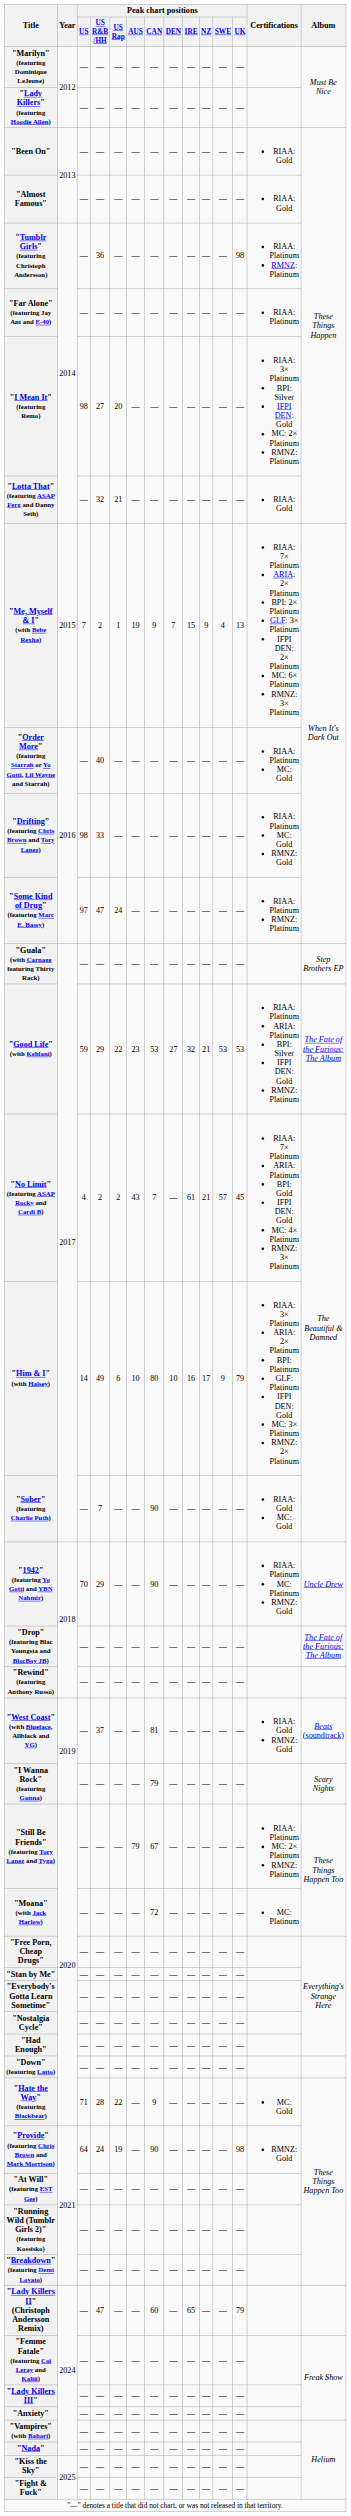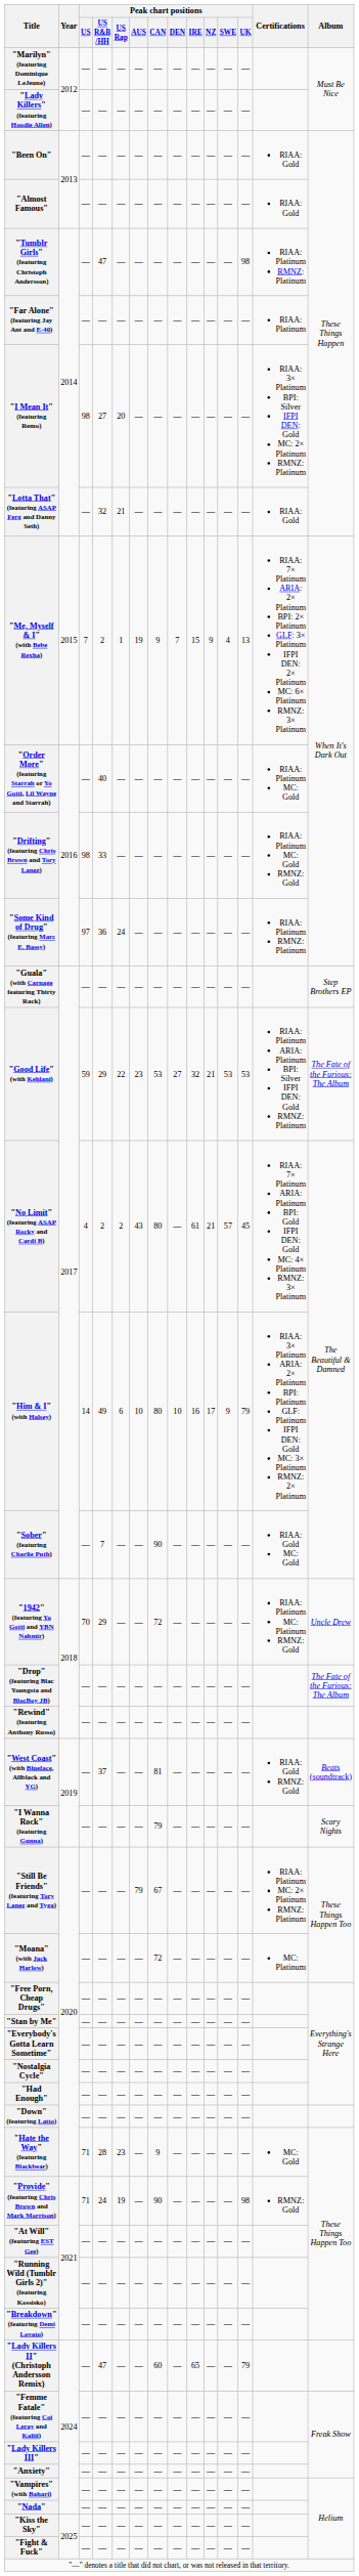 <table class="wikitable plainrowheaders" style="text-align:center;">
 <tr>
 <th scope="col" rowspan="2" style="width:16em;">Title</th>
 <th scope="col" rowspan="2" style="width:1em;">Year</th>
 <th scope="col" colspan="10">Peak chart positions</th>
 <th scope="col" rowspan="2" style="width:13em;">Certifications</th>
 <th scope="col" rowspan="2" style="width:10em;">Album</th>
 </tr>
 <tr>
 <th scope="col" style="width:3em;font-size:90%;"><a href='#'>US</a><br></th>
 <th scope="col" style="width:3em;font-size:90%;"><a href='#'>US<br>R&B<br>/HH</a><br></th>
 <th scope="col" style="width:3em;font-size:90%;"><a href='#'>US<br>Rap</a><br></th>
 <th scope="col" style="width:3em;font-size:90%;"><a href='#'>AUS</a><br></th>
 <th scope="col" style="width:3em;font-size:90%;"><a href='#'>CAN</a><br></th>
 <th scope="col" style="width:3em;font-size:90%;"><a href='#'>DEN</a><br></th>
 <th score="col" style="width:3em;font-size:90%;"><a href='#'>IRE</a><br></th>
 <th scope="col" style="width:3em;font-size:90%;"><a href='#'>NZ</a><br></th>
 <th scope="col" style="width:3em;font-size:90%;"><a href='#'>SWE</a><br></th>
 <th scope="col" style="width:3em;font-size:90%;"><a href='#'>UK</a><br></th>
 </tr>
 <tr>
 <th scope="row">"Marilyn"<br><small>(featuring Dominique LeJeune)</small></th>
 <td rowspan="2">2012</td>
 <td>—</td>
 <td>—</td>
 <td>—</td>
 <td>—</td>
 <td>—</td>
 <td>—</td>
 <td>—</td>
 <td>—</td>
 <td>—</td>
 <td>—</td>
 <td></td>
 <td rowspan="2"><em>Must Be Nice</em></td>
 </tr>
 <tr>
 <th scope="row">"<a href='#'>Lady Killers</a>"<br><small>(featuring <a href='#'>Hoodie Allen</a>)</small></th>
 <td>—</td>
 <td>—</td>
 <td>—</td>
 <td>—</td>
 <td>—</td>
 <td>—</td>
 <td>—</td>
 <td>—</td>
 <td>—</td>
 <td>—</td>
 <td></td>
 </tr>
 <tr>
 <th scope="row">"Been On"</th>
 <td rowspan="2">2013</td>
 <td>—</td>
 <td>—</td>
 <td>—</td>
 <td>—</td>
 <td>—</td>
 <td>—</td>
 <td>—</td>
 <td>—</td>
 <td>—</td>
 <td>—</td>
 <td><br><ul><li>RIAA: Gold</li></ul></td>
 <td rowspan="6"><em>These Things Happen</em></td>
 </tr>
 <tr>
 <th scope="row">"Almost Famous"</th>
 <td>—</td>
 <td>—</td>
 <td>—</td>
 <td>—</td>
 <td>—</td>
 <td>—</td>
 <td>—</td>
 <td>—</td>
 <td>—</td>
 <td>—</td>
 <td><br><ul><li>RIAA: Gold</li></ul></td>
 </tr>
 <tr>
 <th scope="row">"<a href='#'>Tumblr Girls</a>"<br><small>(featuring Christoph Andersson)</small></th>
 <td rowspan="4">2014</td>
 <td>—</td>
-<td>36</td>
+<td>47</td>
 <td>—</td>
 <td>—</td>
 <td>—</td>
 <td>—</td>
 <td>—</td>
 <td>—</td>
 <td>—</td>
 <td>98</td>
 <td><br><ul><li>RIAA: Platinum</li><li><a href='#'>RMNZ</a>: Platinum</li></ul></td>
 </tr>
 <tr>
 <th scope="row">"Far Alone"<br><small>(featuring Jay Ant and <a href='#'>E-40</a>)</small></th>
 <td>—</td>
 <td>—</td>
 <td>—</td>
 <td>—</td>
 <td>—</td>
 <td>—</td>
 <td>—</td>
 <td>—</td>
 <td>—</td>
 <td>—</td>
 <td><br><ul><li>RIAA: Platinum</li></ul></td>
 </tr>
 <tr>
 <th scope="row">"<a href='#'>I Mean It</a>"<br><small>(featuring Remo)</small></th>
 <td>98</td>
 <td>27</td>
 <td>20</td>
 <td>—</td>
 <td>—</td>
 <td>—</td>
 <td>—</td>
 <td>—</td>
 <td>—</td>
 <td>—</td>
 <td><br><ul><li>RIAA: 3× Platinum</li><li>BPI: Silver</li><li><a href='#'>IFPI DEN</a>: Gold</li><li>MC: 2× Platinum</li><li>RMNZ: Platinum</li></ul></td>
 </tr>
 <tr>
 <th scope="row">"<a href='#'>Lotta That</a>"<br><small>(featuring <a href='#'>ASAP Ferg</a> and Danny Seth)</small></th>
 <td>—</td>
 <td>32</td>
 <td>21</td>
 <td>—</td>
 <td>—</td>
 <td>—</td>
 <td>—</td>
 <td>—</td>
 <td>—</td>
 <td>—</td>
 <td><br><ul><li>RIAA: Gold</li></ul></td>
 </tr>
 <tr>
 <th scope="row">"<a href='#'>Me, Myself & I</a>"<br><small>(with <a href='#'>Bebe Rexha</a>)</small></th>
 <td>2015</td>
 <td>7</td>
 <td>2</td>
 <td>1</td>
 <td>19</td>
 <td>9</td>
 <td>7</td>
 <td>15</td>
 <td>9</td>
 <td>4</td>
 <td>13</td>
 <td><br><ul><li>RIAA: 7× Platinum</li><li><a href='#'>ARIA</a>: 2× Platinum</li><li>BPI: 2× Platinum</li><li><a href='#'>GLF</a>: 3× Platinum</li><li>IFPI DEN: 2× Platinum</li><li>MC: 6× Platinum</li><li>RMNZ: 3× Platinum</li></ul></td>
 <td rowspan="4"><em>When It's Dark Out</em></td>
 </tr>
 <tr>
 <th scope="row">"<a href='#'>Order More</a>"<br><small>(featuring <a href='#'>Starrah</a> or <a href='#'>Yo Gotti</a>, <a href='#'>Lil Wayne</a> and Starrah)</small></th>
 <td rowspan="3">2016</td>
 <td>—</td>
 <td>40</td>
 <td>—</td>
 <td>—</td>
 <td>—</td>
 <td>—</td>
 <td>—</td>
 <td>—</td>
 <td>—</td>
 <td>—</td>
 <td><br><ul><li>RIAA: Platinum</li><li>MC: Gold</li></ul></td>
 </tr>
 <tr>
 <th scope="row">"<a href='#'>Drifting</a>"<br><small>(featuring <a href='#'>Chris Brown</a> and <a href='#'>Tory Lanez</a>)</small></th>
 <td>98</td>
 <td>33</td>
 <td>—</td>
 <td>—</td>
 <td>—</td>
 <td>—</td>
 <td>—</td>
 <td>—</td>
 <td>—</td>
 <td>—</td>
 <td><br><ul><li>RIAA: Platinum</li><li>MC: Gold</li><li>RMNZ: Gold</li></ul></td>
 </tr>
 <tr>
 <th scope="row">"<a href='#'>Some Kind of Drug</a>"<br><small>(featuring <a href='#'>Marc E. Bassy</a>)</small></th>
 <td>97</td>
-<td>47</td>
+<td>36</td>
 <td>24</td>
 <td>—</td>
 <td>—</td>
 <td>—</td>
 <td>—</td>
 <td>—</td>
 <td>—</td>
 <td>—</td>
 <td><br><ul><li>RIAA: Platinum</li><li>RMNZ: Platinum</li></ul></td>
 </tr>
 <tr>
 <th scope="row">"Guala"<br><small>(with <a href='#'>Carnage</a> featuring Thirty Rack)</small></th>
 <td rowspan="5">2017</td>
 <td>—</td>
 <td>—</td>
 <td>—</td>
 <td>—</td>
 <td>—</td>
 <td>—</td>
 <td>—</td>
 <td>—</td>
 <td>—</td>
 <td>—</td>
 <td></td>
 <td><em>Step Brothers EP</em></td>
 </tr>
 <tr>
 <th scope="row">"<a href='#'>Good Life</a>"<br><small>(with <a href='#'>Kehlani</a>)</small></th>
 <td>59</td>
 <td>29</td>
 <td>22</td>
 <td>23</td>
 <td>53</td>
 <td>27</td>
 <td>32</td>
 <td>21</td>
 <td>53</td>
 <td>53</td>
 <td><br><ul><li>RIAA: Platinum</li><li>ARIA: Platinum</li><li>BPI: Silver</li><li>IFPI DEN: Gold</li><li>RMNZ: Platinum</li></ul></td>
 <td><em><a href='#'>The Fate of the Furious: The Album</a></em></td>
 </tr>
 <tr>
 <th scope="row">"<a href='#'>No Limit</a>"<br><small>(featuring <a href='#'>ASAP Rocky</a> and <a href='#'>Cardi B</a>)</small></th>
 <td>4</td>
 <td>2</td>
 <td>2</td>
 <td>43</td>
-<td>7</td>
+<td>80</td>
 <td>—</td>
 <td>61</td>
 <td>21</td>
 <td>57</td>
 <td>45</td>
 <td><br><ul><li>RIAA: 7× Platinum</li><li>ARIA: Platinum</li><li>BPI: Gold</li><li>IFPI DEN: Gold</li><li>MC: 4× Platinum</li><li>RMNZ: 3× Platinum</li></ul></td>
 <td rowspan="3"><em>The Beautiful & Damned</em></td>
 </tr>
 <tr>
 <th scope="row">"<a href='#'>Him & I</a>"<br><small>(with <a href='#'>Halsey</a>)</small></th>
 <td>14</td>
 <td>49</td>
 <td>6</td>
 <td>10</td>
 <td>80</td>
 <td>10</td>
 <td>16</td>
 <td>17</td>
 <td>9</td>
 <td>79</td>
 <td><br><ul><li>RIAA: 3× Platinum</li><li>ARIA: 2× Platinum</li><li>BPI: Platinum</li><li>GLF: Platinum</li><li>IFPI DEN: Gold</li><li>MC: 3× Platinum</li><li>RMNZ: 2× Platinum</li></ul></td>
 </tr>
 <tr>
 <th scope="row">"<a href='#'>Sober</a>"<br><small>(featuring <a href='#'>Charlie Puth</a>)</small></th>
 <td>—</td>
 <td>7</td>
 <td>—</td>
 <td>—</td>
 <td>90</td>
 <td>—</td>
 <td>—</td>
 <td>—</td>
 <td>—</td>
 <td>—</td>
 <td><br><ul><li>RIAA: Gold</li><li>MC: Gold</li></ul></td>
 </tr>
 <tr>
 <th scope="row">"<a href='#'>1942</a>"<br><small>(featuring <a href='#'>Yo Gotti</a> and <a href='#'>YBN Nahmir</a>)</small></th>
 <td rowspan="3">2018</td>
 <td>70</td>
 <td>29</td>
 <td>—</td>
 <td>—</td>
-<td>90</td>
+<td>72</td>
 <td>—</td>
 <td>—</td>
 <td>—</td>
 <td>—</td>
 <td>—</td>
 <td><br><ul><li>RIAA: Platinum</li><li>MC: Platinum</li><li>RMNZ: Gold</li></ul></td>
 <td><em><a href='#'>Uncle Drew</a></em></td>
 </tr>
 <tr>
 <th scope="row">"Drop" <br><small>(featuring Blac Youngsta and <a href='#'>BlocBoy JB</a>)</small></th>
 <td>—</td>
 <td>—</td>
 <td>—</td>
 <td>—</td>
 <td>—</td>
 <td>—</td>
 <td>—</td>
 <td>—</td>
 <td>—</td>
 <td>—</td>
 <td></td>
 <td><em><a href='#'>The Fate of the Furious: The Album</a></em></td>
 </tr>
 <tr>
 <th scope="row">"Rewind" <br><small>(featuring Anthony Russo)</small></th>
 <td>—</td>
 <td>—</td>
 <td>—</td>
 <td>—</td>
 <td>—</td>
 <td>—</td>
 <td>—</td>
 <td>—</td>
 <td>—</td>
 <td>—</td>
 <td></td>
 </tr>
 <tr>
 <th scope="row">"<a href='#'>West Coast</a>"<br><small>(with <a href='#'>Blueface</a>, Allblack and <a href='#'>YG</a>)</small></th>
 <td rowspan="2">2019</td>
 <td>—</td>
 <td>37</td>
 <td>—</td>
 <td>—</td>
 <td>81</td>
 <td>—</td>
 <td>—</td>
 <td>—</td>
 <td>—</td>
 <td>—</td>
 <td><br><ul><li>RIAA: Gold</li><li>RMNZ: Gold</li></ul></td>
 <td><a href='#'><em>Beats</em> (soundtrack)</a></td>
 </tr>
 <tr>
 <th scope="row">"I Wanna Rock"<br><small>(featuring <a href='#'>Gunna</a>)</small></th>
 <td>—</td>
 <td>—</td>
 <td>—</td>
 <td>—</td>
 <td>79</td>
 <td>—</td>
 <td>—</td>
 <td>—</td>
 <td>—</td>
 <td>—</td>
 <td></td>
 <td><em>Scary Nights</em></td>
 </tr>
 <tr>
 <th scope="row">"Still Be Friends"<br><small>(featuring <a href='#'>Tory Lanez</a> and <a href='#'>Tyga</a>)</small></th>
 <td rowspan="9">2020</td>
 <td>—</td>
 <td>—</td>
 <td>—</td>
 <td>79</td>
 <td>67</td>
 <td>—</td>
 <td>—</td>
 <td>—</td>
 <td>—</td>
 <td>—</td>
 <td><br><ul><li>RIAA: Platinum</li><li>MC: 2× Platinum</li><li>RMNZ: Platinum</li></ul></td>
 <td rowspan="2"><em>These Things Happen Too</em></td>
 </tr>
 <tr>
 <th scope="row">"Moana"<br><small>(with <a href='#'>Jack Harlow</a>)</small></th>
 <td>—</td>
 <td>—</td>
 <td>—</td>
 <td>—</td>
 <td>72</td>
 <td>—</td>
 <td>—</td>
 <td>—</td>
 <td>—</td>
 <td>—</td>
 <td><br><ul><li>MC: Platinum</li></ul></td>
 </tr>
 <tr>
 <th scope="row">"Free Porn, Cheap Drugs"</th>
 <td>—</td>
 <td>—</td>
 <td>—</td>
 <td>—</td>
 <td>—</td>
 <td>—</td>
 <td>—</td>
 <td>—</td>
 <td>—</td>
 <td>—</td>
 <td></td>
 <td rowspan="5"><em>Everything's Strange Here</em></td>
 </tr>
 <tr>
 <th scope="row">"Stan by Me"</th>
 <td>—</td>
 <td>—</td>
 <td>—</td>
 <td>—</td>
 <td>—</td>
 <td>—</td>
 <td>—</td>
 <td>—</td>
 <td>—</td>
 <td>—</td>
 <td></td>
 </tr>
 <tr>
 <th scope="row">"Everybody's Gotta Learn Sometime"</th>
 <td>—</td>
 <td>—</td>
 <td>—</td>
 <td>—</td>
 <td>—</td>
 <td>—</td>
 <td>—</td>
 <td>—</td>
 <td>—</td>
 <td>—</td>
 <td></td>
 </tr>
 <tr>
 <th scope="row">"Nostalgia Cycle"</th>
 <td>—</td>
 <td>—</td>
 <td>—</td>
 <td>—</td>
 <td>—</td>
 <td>—</td>
 <td>—</td>
 <td>—</td>
 <td>—</td>
 <td>—</td>
 <td></td>
 </tr>
 <tr>
 <th scope="row">"Had Enough"</th>
 <td>—</td>
 <td>—</td>
 <td>—</td>
 <td>—</td>
 <td>—</td>
 <td>—</td>
 <td>—</td>
 <td>—</td>
 <td>—</td>
 <td>—</td>
 <td></td>
 </tr>
 <tr>
 <th scope="row">"Down"<br><small>(featuring <a href='#'>Latto</a>)</small></th>
 <td>—</td>
 <td>—</td>
 <td>—</td>
 <td>—</td>
 <td>—</td>
 <td>—</td>
 <td>—</td>
 <td>—</td>
 <td>—</td>
 <td>—</td>
 <td></td>
 <td></td>
 </tr>
 <tr>
 <th scope="row">"<a href='#'>Hate the Way</a>"<br><small>(featuring <a href='#'>Blackbear</a>)</small></th>
 <td>71</td>
 <td>28</td>
-<td>22</td>
+<td>23</td>
 <td>—</td>
 <td>9</td>
 <td>—</td>
 <td>—</td>
 <td>—</td>
 <td>—</td>
 <td>—</td>
 <td><br><ul><li>MC: Gold</li></ul></td>
 <td rowspan="5"><em>These Things Happen Too</em></td>
 </tr>
 <tr>
 <th scope="row">"<a href='#'>Provide</a>"<br><small>(featuring <a href='#'>Chris Brown</a> and <a href='#'>Mark Morrison</a>)</small></th>
 <td rowspan="4">2021</td>
-<td>64</td>
+<td>71</td>
 <td>24</td>
 <td>19</td>
 <td>—</td>
 <td>90</td>
 <td>—</td>
 <td>—</td>
 <td>—</td>
 <td>—</td>
 <td>98</td>
 <td><br><ul><li>RMNZ: Gold</li></ul></td>
 </tr>
 <tr>
 <th scope="row">"At Will"<br><small>(featuring <a href='#'>EST Gee</a>)</small></th>
 <td>—</td>
 <td>—</td>
 <td>—</td>
 <td>—</td>
 <td>—</td>
 <td>—</td>
 <td>—</td>
 <td>—</td>
 <td>—</td>
 <td>—</td>
 <td></td>
 </tr>
 <tr>
 <th scope="row">"Running Wild (Tumblr Girls 2)"<br><small>(featuring Kossisko)</small></th>
 <td>—</td>
 <td>—</td>
 <td>—</td>
 <td>—</td>
 <td>—</td>
 <td>—</td>
 <td>—</td>
 <td>—</td>
 <td>—</td>
 <td>—</td>
 <td></td>
 </tr>
 <tr>
 <th scope="row">"<a href='#'>Breakdown</a>"<br><small>(featuring <a href='#'>Demi Lovato</a>)</small></th>
 <td>—</td>
 <td>—</td>
 <td>—</td>
 <td>—</td>
 <td>—</td>
 <td>—</td>
 <td>—</td>
 <td>—</td>
 <td>—</td>
 <td>—</td>
 <td></td>
 </tr>
 <tr>
 <th scope="row">"<a href='#'>Lady Killers II</a>" (Christoph Andersson Remix)</th>
 <td rowspan="6">2024</td>
 <td>—</td>
 <td>47</td>
 <td>—</td>
 <td>—</td>
 <td>60</td>
 <td>—</td>
 <td>65<br></td>
 <td>—</td>
 <td>—</td>
 <td>79</td>
 <td></td>
 <td></td>
 </tr>
 <tr>
 <th scope="row">"Femme Fatale"<br><small>(featuring <a href='#'>Coi Leray</a> and <a href='#'>Kaliii</a>)</small></th>
 <td>—</td>
 <td>—</td>
 <td>—</td>
 <td>—</td>
 <td>—</td>
 <td>—</td>
 <td>—</td>
 <td>—</td>
 <td>—</td>
 <td>—</td>
 <td></td>
 <td rowspan="3"><em>Freak Show</em></td>
 </tr>
 <tr>
 <th scope="row">"<a href='#'>Lady Killers III</a>"</th>
 <td>—</td>
 <td>—</td>
 <td>—</td>
 <td>—</td>
 <td>—</td>
 <td>—</td>
 <td>—</td>
 <td>—</td>
 <td>—</td>
 <td>—</td>
 <td></td>
 </tr>
 <tr>
 <th scope="row">"Anxiety"</th>
 <td>—</td>
 <td>—</td>
 <td>—</td>
 <td>—</td>
 <td>—</td>
 <td>—</td>
 <td>—</td>
 <td>—</td>
 <td>—</td>
 <td>—</td>
 <td></td>
 </tr>
 <tr>
 <th scope="row">"Vampires"<br><small>(with <a href='#'>Bahari</a>)</small></th>
 <td>—</td>
 <td>—</td>
 <td>—</td>
 <td>—</td>
 <td>—</td>
 <td>—</td>
 <td>—</td>
 <td>—</td>
 <td>—</td>
 <td>—</td>
 <td></td>
 <td rowspan="4"><em>Helium</em></td>
 </tr>
 <tr>
 <th scope="row">"<a href='#'>Nada</a>"</th>
 <td>—</td>
 <td>—</td>
 <td>—</td>
 <td>—</td>
 <td>—</td>
 <td>—</td>
 <td>—</td>
 <td>—</td>
 <td>—</td>
 <td>—</td>
 <td></td>
 </tr>
 <tr>
 <th scope="row">"Kiss the Sky"</th>
 <td rowspan="2">2025</td>
 <td>—</td>
 <td>—</td>
 <td>—</td>
 <td>—</td>
 <td>—</td>
 <td>—</td>
 <td>—</td>
 <td>—</td>
 <td>—</td>
 <td>—</td>
 <td></td>
 </tr>
 <tr>
 <th scope="row">"Fight & Fuck"</th>
 <td>—</td>
 <td>—</td>
 <td>—</td>
 <td>—</td>
 <td>—</td>
 <td>—</td>
 <td>—</td>
 <td>—</td>
 <td>—</td>
 <td>—</td>
 <td></td>
 </tr>
 <tr>
 <td colspan="14" style="font-size:90%">"—" denotes a title that did not chart, or was not released in that territory.</td>
 </tr>
 </table>
